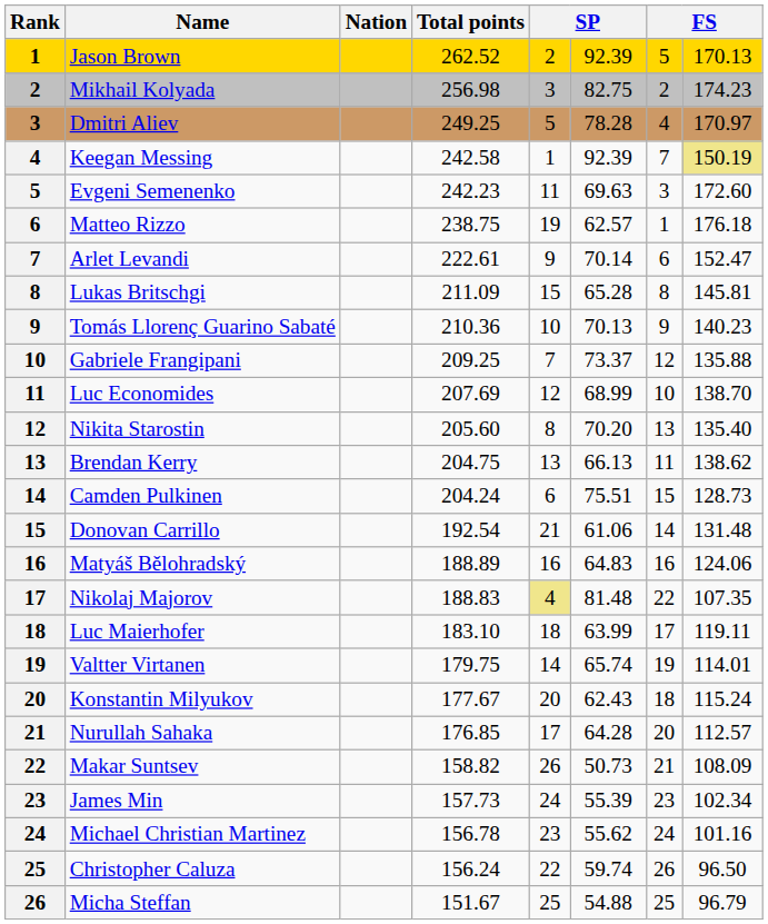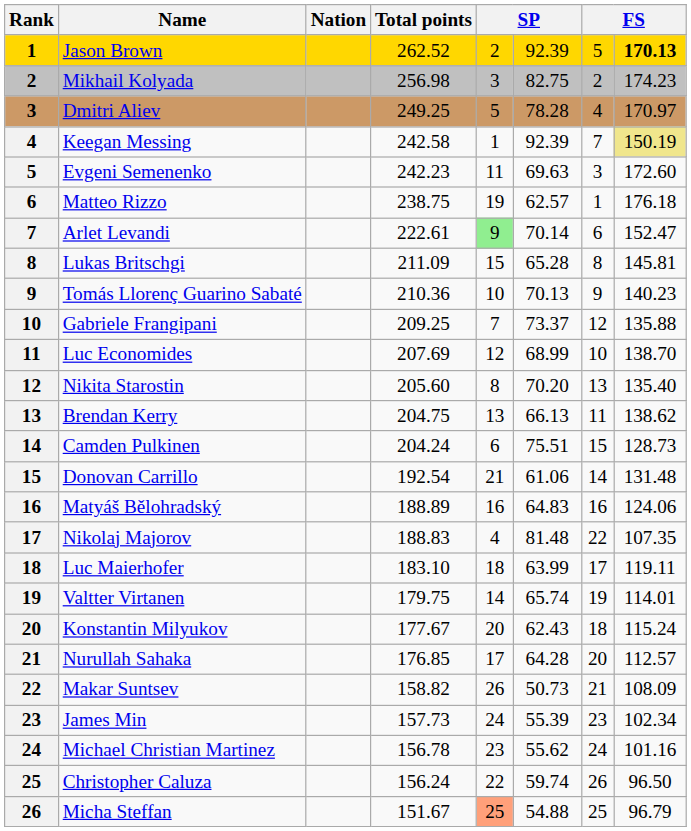 <table class="wikitable sortable">
 <tr>
 <th>Rank</th>
 <th>Name</th>
 <th>Nation</th>
 <th>Total points</th>
 <th colspan="2" width="80px"><a href='#'>SP</a></th>
 <th colspan="2" width="80px"><a href='#'>FS</a></th>
 </tr>
 <tr bgcolor="gold">
 <td align="center"><strong>1</strong></td>
 <td><a href='#'>Jason Brown</a></td>
 <td></td>
 <td align="center">262.52</td>
 <td align="center">2</td>
 <td align="center">92.39</td>
 <td align="center">5</td>
-<td align="center">170.13</td>
+<td align="center"><strong>170.13</strong></td>
 </tr>
 <tr bgcolor="silver">
 <td align="center"><strong>2</strong></td>
 <td><a href='#'>Mikhail Kolyada</a></td>
 <td></td>
 <td align="center">256.98</td>
 <td align="center">3</td>
 <td align="center">82.75</td>
 <td align="center">2</td>
 <td align="center">174.23</td>
 </tr>
 <tr bgcolor="cc9966">
 <td align="center"><strong>3</strong></td>
 <td><a href='#'>Dmitri Aliev</a></td>
 <td></td>
 <td align="center">249.25</td>
 <td align="center">5</td>
 <td align="center">78.28</td>
 <td align="center">4</td>
 <td align="center">170.97</td>
 </tr>
 <tr>
 <th>4</th>
 <td><a href='#'>Keegan Messing</a></td>
 <td></td>
 <td align="center">242.58</td>
 <td align="center">1</td>
 <td align="center">92.39</td>
 <td align="center">7</td>
 <td align="center" style="background: khaki;">150.19</td>
 </tr>
 <tr>
 <th>5</th>
 <td><a href='#'>Evgeni Semenenko</a></td>
 <td></td>
 <td align="center">242.23</td>
 <td align="center">11</td>
 <td align="center">69.63</td>
 <td align="center">3</td>
 <td align="center">172.60</td>
 </tr>
 <tr>
 <th>6</th>
 <td><a href='#'>Matteo Rizzo</a></td>
 <td></td>
 <td align="center">238.75</td>
 <td align="center">19</td>
 <td align="center">62.57</td>
 <td align="center">1</td>
 <td align="center">176.18</td>
 </tr>
 <tr>
 <th>7</th>
 <td><a href='#'>Arlet Levandi</a></td>
 <td></td>
 <td align="center">222.61</td>
-<td align="center">9</td>
+<td align="center" style="background: lightgreen;">9</td>
 <td align="center">70.14</td>
 <td align="center">6</td>
 <td align="center">152.47</td>
 </tr>
 <tr>
 <th>8</th>
 <td><a href='#'>Lukas Britschgi</a></td>
 <td></td>
 <td align="center">211.09</td>
 <td align="center">15</td>
 <td align="center">65.28</td>
 <td align="center">8</td>
 <td align="center">145.81</td>
 </tr>
 <tr>
 <th>9</th>
 <td><a href='#'>Tomás Llorenç Guarino Sabaté</a></td>
 <td></td>
 <td align="center">210.36</td>
 <td align="center">10</td>
 <td align="center">70.13</td>
 <td align="center">9</td>
 <td align="center">140.23</td>
 </tr>
 <tr>
 <th>10</th>
 <td><a href='#'>Gabriele Frangipani</a></td>
 <td></td>
 <td align="center">209.25</td>
 <td align="center">7</td>
 <td align="center">73.37</td>
 <td align="center">12</td>
 <td align="center">135.88</td>
 </tr>
 <tr>
 <th>11</th>
 <td><a href='#'>Luc Economides</a></td>
 <td></td>
 <td align="center">207.69</td>
 <td align="center">12</td>
 <td align="center">68.99</td>
 <td align="center">10</td>
 <td align="center">138.70</td>
 </tr>
 <tr>
 <th>12</th>
 <td><a href='#'>Nikita Starostin</a></td>
 <td></td>
 <td align="center">205.60</td>
 <td align="center">8</td>
 <td align="center">70.20</td>
 <td align="center">13</td>
 <td align="center">135.40</td>
 </tr>
 <tr>
 <th>13</th>
 <td><a href='#'>Brendan Kerry</a></td>
 <td></td>
 <td align="center">204.75</td>
 <td align="center">13</td>
 <td align="center">66.13</td>
 <td align="center">11</td>
 <td align="center">138.62</td>
 </tr>
 <tr>
 <th>14</th>
 <td><a href='#'>Camden Pulkinen</a></td>
 <td></td>
 <td align="center">204.24</td>
 <td align="center">6</td>
 <td align="center">75.51</td>
 <td align="center">15</td>
 <td align="center">128.73</td>
 </tr>
 <tr>
 <th>15</th>
 <td><a href='#'>Donovan Carrillo</a></td>
 <td></td>
 <td align="center">192.54</td>
 <td align="center">21</td>
 <td align="center">61.06</td>
 <td align="center">14</td>
 <td align="center">131.48</td>
 </tr>
 <tr>
 <th>16</th>
 <td><a href='#'>Matyáš Bělohradský</a></td>
 <td></td>
 <td align="center">188.89</td>
 <td align="center">16</td>
 <td align="center">64.83</td>
 <td align="center">16</td>
 <td align="center">124.06</td>
 </tr>
 <tr>
 <th>17</th>
 <td><a href='#'>Nikolaj Majorov</a></td>
 <td></td>
 <td align="center">188.83</td>
-<td align="center" style="background: khaki;">4</td>
+<td align="center">4</td>
 <td align="center">81.48</td>
 <td align="center">22</td>
 <td align="center">107.35</td>
 </tr>
 <tr>
 <th>18</th>
 <td><a href='#'>Luc Maierhofer</a></td>
 <td></td>
 <td align="center">183.10</td>
 <td align="center">18</td>
 <td align="center">63.99</td>
 <td align="center">17</td>
 <td align="center">119.11</td>
 </tr>
 <tr>
 <th>19</th>
 <td><a href='#'>Valtter Virtanen</a></td>
 <td></td>
 <td align="center">179.75</td>
 <td align="center">14</td>
 <td align="center">65.74</td>
 <td align="center">19</td>
 <td align="center">114.01</td>
 </tr>
 <tr>
 <th>20</th>
 <td><a href='#'>Konstantin Milyukov</a></td>
 <td></td>
 <td align="center">177.67</td>
 <td align="center">20</td>
 <td align="center">62.43</td>
 <td align="center">18</td>
 <td align="center">115.24</td>
 </tr>
 <tr>
 <th>21</th>
 <td><a href='#'>Nurullah Sahaka</a></td>
 <td></td>
 <td align="center">176.85</td>
 <td align="center">17</td>
 <td align="center">64.28</td>
 <td align="center">20</td>
 <td align="center">112.57</td>
 </tr>
 <tr>
 <th>22</th>
 <td><a href='#'>Makar Suntsev</a></td>
 <td></td>
 <td align="center">158.82</td>
 <td align="center">26</td>
 <td align="center">50.73</td>
 <td align="center">21</td>
 <td align="center">108.09</td>
 </tr>
 <tr>
 <th>23</th>
 <td><a href='#'>James Min</a></td>
 <td></td>
 <td align="center">157.73</td>
 <td align="center">24</td>
 <td align="center">55.39</td>
 <td align="center">23</td>
 <td align="center">102.34</td>
 </tr>
 <tr>
 <th>24</th>
 <td><a href='#'>Michael Christian Martinez</a></td>
 <td></td>
 <td align="center">156.78</td>
 <td align="center">23</td>
 <td align="center">55.62</td>
 <td align="center">24</td>
 <td align="center">101.16</td>
 </tr>
 <tr>
 <th>25</th>
 <td><a href='#'>Christopher Caluza</a></td>
 <td></td>
 <td align="center">156.24</td>
 <td align="center">22</td>
 <td align="center">59.74</td>
 <td align="center">26</td>
 <td align="center">96.50</td>
 </tr>
 <tr>
 <th>26</th>
 <td><a href='#'>Micha Steffan</a></td>
 <td></td>
 <td align="center">151.67</td>
-<td align="center">25</td>
+<td align="center" style="background: lightsalmon;">25</td>
 <td align="center">54.88</td>
 <td align="center">25</td>
 <td align="center">96.79</td>
 </tr>
 </table>
